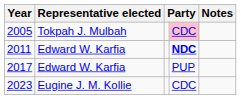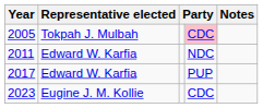 <table class="wikitable">
 <tr>
 <th>Year</th>
 <th>Representative elected</th>
 <th colspan=2>Party</th>
 <th>Notes</th>
 </tr>
 <tr>
 <td><a href='#'>2005</a></td>
 <td><a href='#'>Tokpah J. Mulbah</a></td>
 <td></td>
 <td style="background: pink;"><a href='#'>CDC</a></td>
 <td></td>
 </tr>
 <tr>
 <td><a href='#'>2011</a></td>
 <td><a href='#'>Edward W. Karfia</a></td>
 <td></td>
-<td><strong><a href='#'>NDC</a></strong></td>
+<td><a href='#'>NDC</a></td>
 <td></td>
 </tr>
 <tr>
 <td><a href='#'>2017</a></td>
 <td><a href='#'>Edward W. Karfia</a></td>
 <td></td>
 <td><a href='#'>PUP</a></td>
 <td></td>
 </tr>
 <tr>
 <td><a href='#'>2023</a></td>
 <td><a href='#'>Eugine J. M. Kollie</a></td>
 <td></td>
 <td><a href='#'>CDC</a></td>
 <td></td>
 </tr>
 </table>
